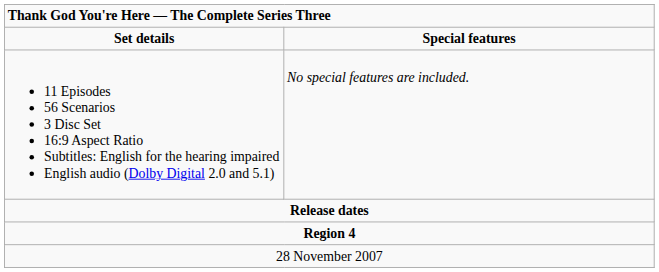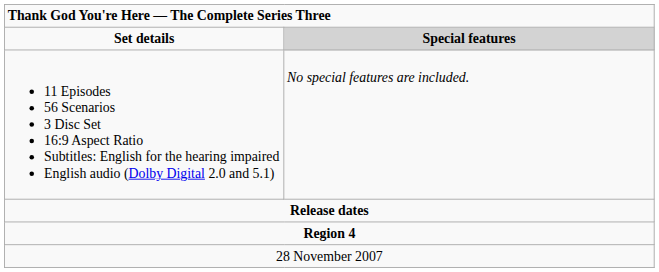 <table class="wikitable" style="font-size: 95%;">
 <tr>
 <td colspan="3"><strong>Thank God You're Here — The Complete Series Three</strong></td>
 </tr>
 <tr style="text-align:center;">
 <td style="width:300px; "><strong>Set details</strong></td>
-<td style="width:400px; "><strong>Special features</strong></td>
+<td style="background: lightgrey; width:400px; "><strong>Special features</strong></td>
 </tr>
 <tr valign="top">
 <td style="text-align:left; width:300px;"><br><ul><li>11 Episodes</li><li>56 Scenarios</li><li>3 Disc Set</li><li>16:9 Aspect Ratio</li><li>Subtitles: English for the hearing impaired</li><li>English audio (<a href='#'>Dolby Digital</a> 2.0 and 5.1)</li></ul></td>
 <td style="text-align:left; width:400px;"><br><em>No special features are included.</em></td>
 </tr>
 <tr>
 <td colspan="3" style="text-align:center;"><strong>Release dates</strong></td>
 </tr>
 <tr>
 <td colspan="3" style="text-align:center;"><strong>Region 4</strong></td>
 </tr>
 <tr>
 <td colspan="3" style="text-align:center;">28 November 2007</td>
 </tr>
 </table>
